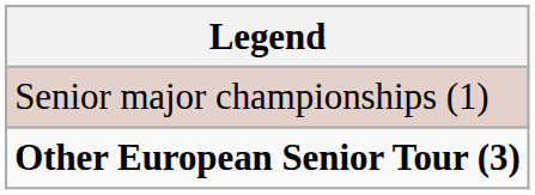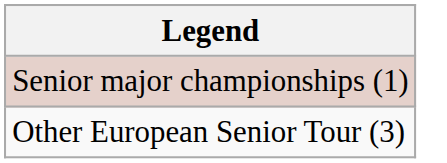 <table class="wikitable" style="font-size:95%;">
 <tr>
 <th>Legend</th>
 </tr>
 <tr style="background:#e5d1cb;">
 <td>Senior major championships (1)</td>
 </tr>
 <tr>
-<td><strong>Other European Senior Tour (3)</strong></td>
+<td>Other European Senior Tour (3)</td>
 </tr>
 </table>
